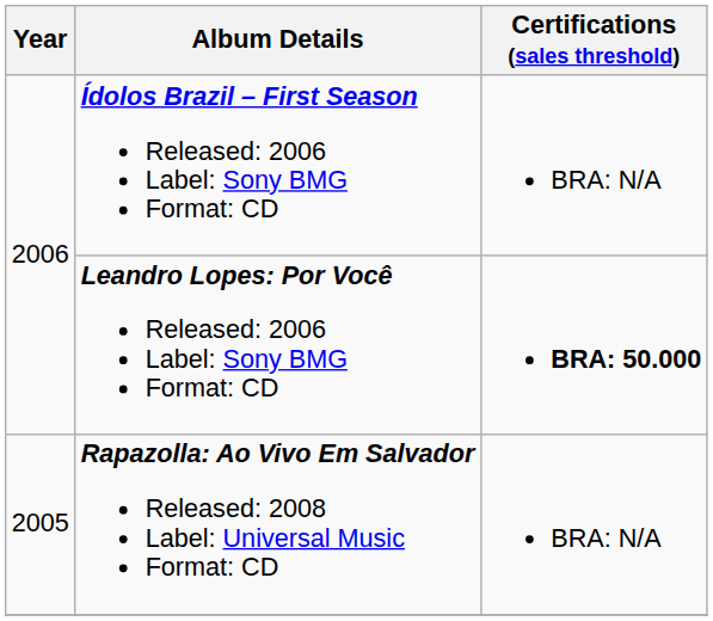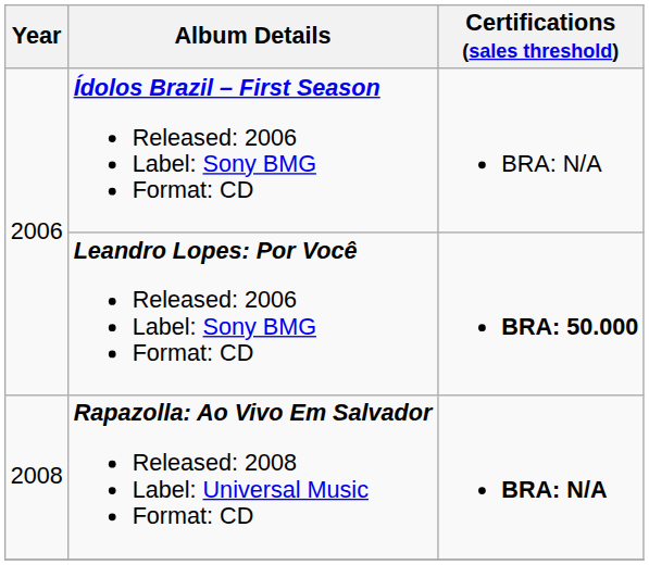 <table class="wikitable" style="text-align:center;">
 <tr>
 <th>Year</th>
 <th>Album Details</th>
 <th>Certifications<br><small>(<a href='#'>sales threshold</a>)</small></th>
 </tr>
 <tr>
 <td rowspan=2>2006</td>
 <td align="left"><strong><em><a href='#'>Ídolos Brazil – First Season</a></em></strong><br><ul><li>Released: 2006</li><li>Label: <a href='#'>Sony BMG</a></li><li>Format: CD</li></ul></td>
 <td align="left"><br><ul><li>BRA: N/A</li></ul></td>
 </tr>
 <tr>
 <td align="left"><strong><em>Leandro Lopes: Por Você</em></strong><br><ul><li>Released: 2006</li><li>Label: <a href='#'>Sony BMG</a></li><li>Format: CD</li></ul></td>
 <td align="left"><strong><br><ul><li>BRA: 50.000</li></ul></strong></td>
 </tr>
 <tr>
-<td>2005</td>
+<td>2008</td>
 <td align="left"><strong><em>Rapazolla: Ao Vivo Em Salvador</em></strong><br><ul><li>Released: 2008</li><li>Label: <a href='#'>Universal Music</a></li><li>Format: CD</li></ul></td>
-<td align="left"><br><ul><li>BRA: N/A</li></ul></td>
+<td align="left"><strong><br><ul><li>BRA: N/A</li></ul></strong></td>
 </tr>
 <tr>
 </tr>
 </table>
